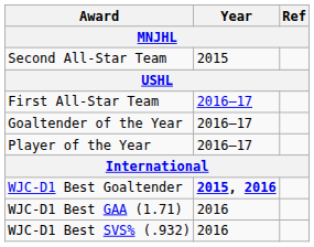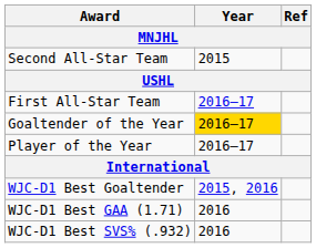 <table class="wikitable">
 <tr>
 <th>Award</th>
 <th>Year</th>
 <th>Ref</th>
 </tr>
 <tr>
 <th colspan="3"><a href='#'>MNJHL</a></th>
 </tr>
 <tr>
 <td>Second All-Star Team</td>
 <td>2015</td>
 <td></td>
 </tr>
 <tr>
 <th colspan="3"><a href='#'>USHL</a></th>
 </tr>
 <tr>
 <td>First All-Star Team</td>
 <td><a href='#'>2016–17</a></td>
 <td></td>
 </tr>
 <tr>
 <td>Goaltender of the Year</td>
-<td>2016–17</td>
+<td style="background: gold;">2016–17</td>
 <td></td>
 </tr>
 <tr>
 <td>Player of the Year</td>
 <td>2016–17</td>
 <td></td>
 </tr>
 <tr>
 <th colspan="3"><a href='#'>International</a></th>
 </tr>
 <tr>
 <td><a href='#'>WJC-D1</a> Best Goaltender</td>
-<td><strong><a href='#'>2015</a>, <a href='#'>2016</a></strong></td>
+<td><a href='#'>2015</a>, <a href='#'>2016</a></td>
 <td></td>
 </tr>
 <tr>
 <td>WJC-D1 Best <a href='#'>GAA</a> (1.71)</td>
 <td>2016</td>
 <td></td>
 </tr>
 <tr>
 <td>WJC-D1 Best <a href='#'>SVS%</a> (.932)</td>
 <td>2016</td>
 <td></td>
 </tr>
 </table>
